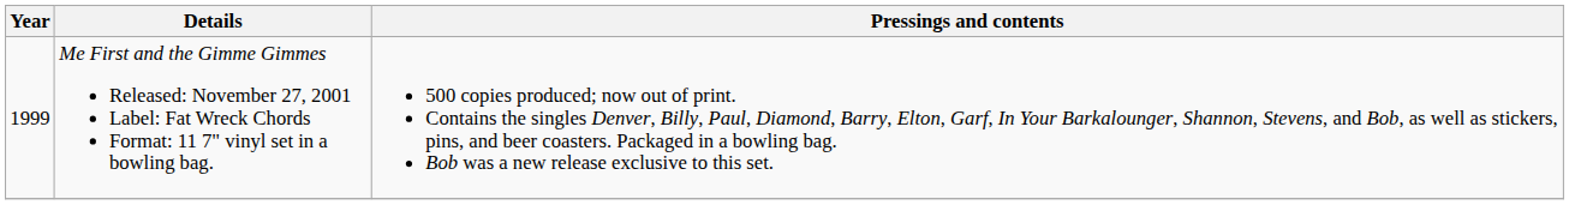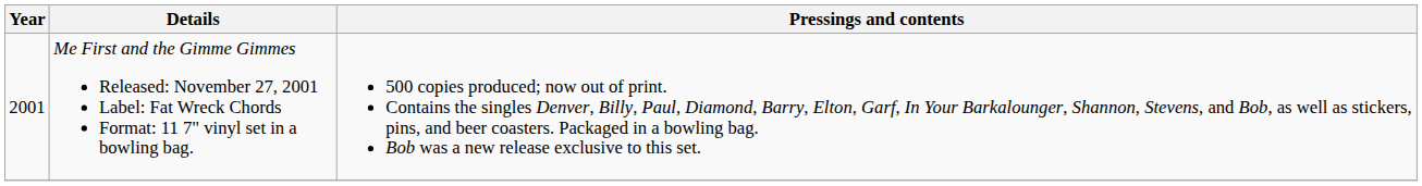 <table class ="wikitable">
 <tr>
 <th>Year</th>
 <th>Details</th>
 <th>Pressings and contents</th>
 </tr>
 <tr>
-<td>1999</td>
+<td>2001</td>
 <td><em>Me First and the Gimme Gimmes</em><br><ul><li>Released: November 27, 2001</li><li>Label: Fat Wreck Chords</li><li>Format: 11 7" vinyl set in a bowling bag.</li></ul></td>
 <td><br><ul><li>500 copies produced; now out of print.</li><li>Contains the singles <em>Denver</em>, <em>Billy</em>, <em>Paul</em>, <em>Diamond</em>, <em>Barry</em>, <em>Elton</em>, <em>Garf</em>, <em>In Your Barkalounger</em>, <em>Shannon</em>, <em>Stevens</em>, and <em>Bob</em>, as well as stickers, pins, and beer coasters. Packaged in a bowling bag.</li><li><em>Bob</em> was a new release exclusive to this set.</li></ul></td>
 </tr>
 <tr>
 </tr>
 </table>
